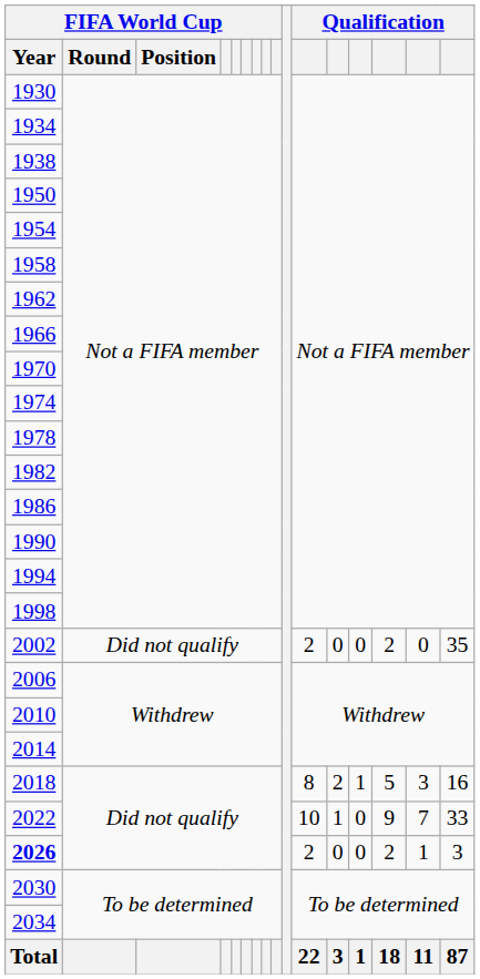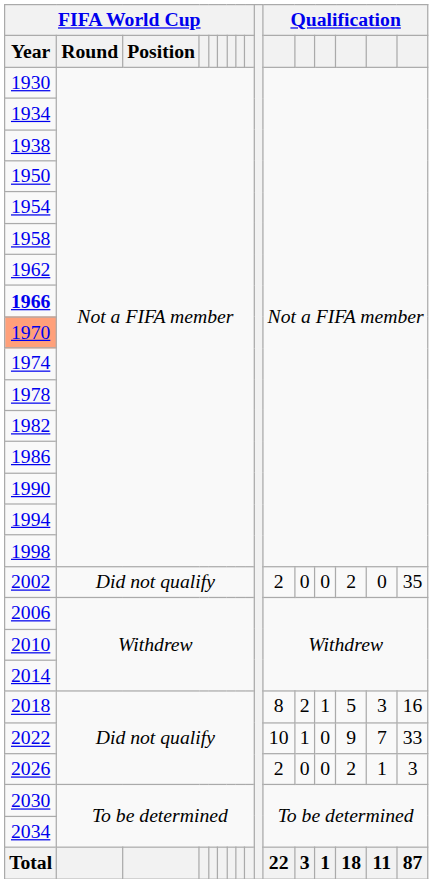 <table class="wikitable" style="text-align: center;">
 <tr>
 <th colspan="9"><a href='#'>FIFA World Cup</a></th>
 <th rowspan="39"></th>
 <th colspan="6"><a href='#'>Qualification</a></th>
 </tr>
 <tr>
 <th>Year</th>
 <th>Round</th>
 <th>Position</th>
 <th></th>
 <th></th>
 <th></th>
 <th></th>
 <th></th>
 <th></th>
 <th></th>
 <th></th>
 <th></th>
 <th></th>
 <th></th>
 <th></th>
 </tr>
 <tr>
 <td> <a href='#'>1930</a></td>
 <td rowspan="16" colspan="8"><em>Not a FIFA member</em></td>
 <td rowspan="16" colspan="6"><em>Not a FIFA member</em></td>
 </tr>
 <tr>
 <td> <a href='#'>1934</a></td>
 </tr>
 <tr>
 <td> <a href='#'>1938</a></td>
 </tr>
 <tr>
 <td> <a href='#'>1950</a></td>
 </tr>
 <tr>
 <td> <a href='#'>1954</a></td>
 </tr>
 <tr>
 <td> <a href='#'>1958</a></td>
 </tr>
 <tr>
 <td> <a href='#'>1962</a></td>
 </tr>
 <tr>
-<td> <a href='#'>1966</a></td>
+<td><strong> <a href='#'>1966</a></strong></td>
 </tr>
 <tr>
-<td> <a href='#'>1970</a></td>
+<td style="background: lightsalmon;"> <a href='#'>1970</a></td>
 </tr>
 <tr>
 <td> <a href='#'>1974</a></td>
 </tr>
 <tr>
 <td> <a href='#'>1978</a></td>
 </tr>
 <tr>
 <td> <a href='#'>1982</a></td>
 </tr>
 <tr>
 <td> <a href='#'>1986</a></td>
 </tr>
 <tr>
 <td> <a href='#'>1990</a></td>
 </tr>
 <tr>
 <td> <a href='#'>1994</a></td>
 </tr>
 <tr>
 <td> <a href='#'>1998</a></td>
 </tr>
 <tr>
 <td> <a href='#'>2002</a></td>
 <td colspan="8"><em>Did not qualify</em></td>
 <td>2</td>
 <td>0</td>
 <td>0</td>
 <td>2</td>
 <td>0</td>
 <td>35</td>
 </tr>
 <tr>
 <td> <a href='#'>2006</a></td>
 <td colspan="8" rowspan="3"><em>Withdrew</em></td>
 <td colspan="8" rowspan="3"><em>Withdrew</em></td>
 </tr>
 <tr>
 <td> <a href='#'>2010</a></td>
 </tr>
 <tr>
 <td> <a href='#'>2014</a></td>
 </tr>
 <tr>
 <td> <a href='#'>2018</a></td>
 <td colspan="8" rowspan="3"><em>Did not qualify</em></td>
 <td>8</td>
 <td>2</td>
 <td>1</td>
 <td>5</td>
 <td>3</td>
 <td>16</td>
 </tr>
 <tr>
 <td> <a href='#'>2022</a></td>
 <td>10</td>
 <td>1</td>
 <td>0</td>
 <td>9</td>
 <td>7</td>
 <td>33</td>
 </tr>
 <tr>
-<td><strong> <a href='#'>2026</a></strong></td>
+<td> <a href='#'>2026</a></td>
 <td>2</td>
 <td>0</td>
 <td>0</td>
 <td>2</td>
 <td>1</td>
 <td>3</td>
 </tr>
 <tr>
 <td> <a href='#'>2030</a></td>
 <td colspan="9" rowspan="2"><em>To be determined</em></td>
 <td colspan="9" rowspan="2"><em>To be determined</em></td>
 </tr>
 <tr>
 <td> <a href='#'>2034</a></td>
 </tr>
 <tr>
 <th>Total</th>
 <th></th>
 <th></th>
 <th></th>
 <th></th>
 <th></th>
 <th></th>
 <th></th>
 <th></th>
 <th>22</th>
 <th>3</th>
 <th>1</th>
 <th>18</th>
 <th>11</th>
 <th>87</th>
 </tr>
 </table>
